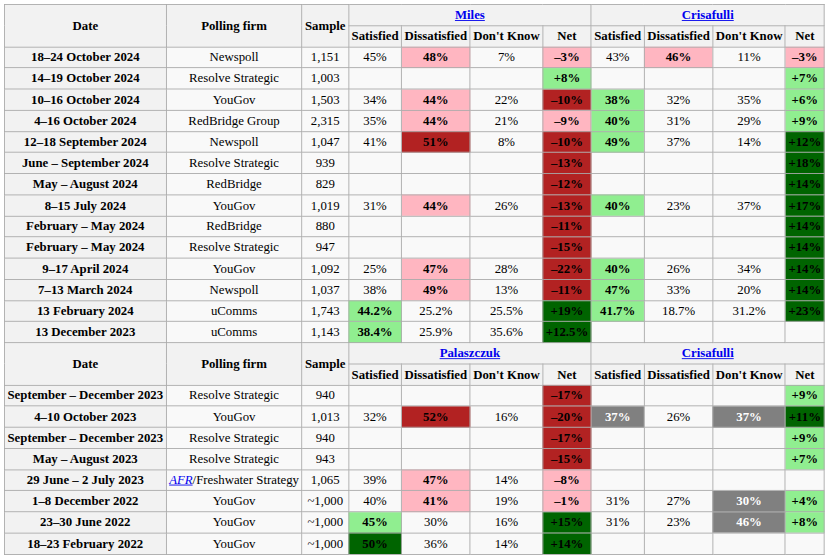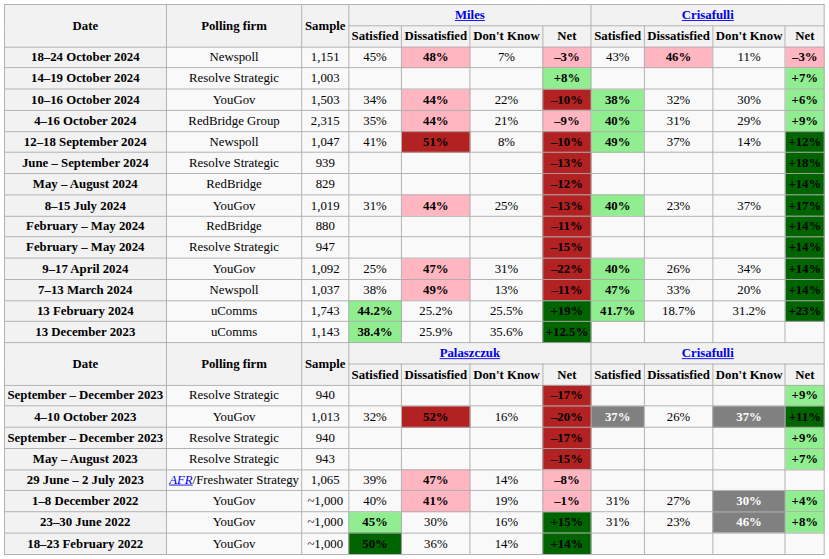 <table class="nowrap wikitable tpl-blanktable" style=text-align:center;font-size:90%>
 <tr>
 <th rowspan=2>Date</th>
 <th rowspan=2>Polling firm</th>
 <th rowspan=2 style=max-width:5em>Sample</th>
 <th colspan=4><a href='#'>Miles</a></th>
 <th colspan=4><a href='#'>Crisafulli</a></th>
 </tr>
 <tr>
 <th>Satisfied</th>
 <th>Dissatisfied</th>
 <th>Don't Know</th>
 <th>Net</th>
 <th>Satisfied</th>
 <th>Dissatisfied</th>
 <th>Don't Know</th>
 <th>Net</th>
 </tr>
 <tr>
 <th>18–24 October 2024</th>
 <td>Newspoll</td>
 <td>1,151</td>
 <td>45%</td>
 <th style="background:LightPink">48%</th>
 <td>7%</td>
 <th style="background:LightPink"><strong>–3%</strong></th>
 <td>43%</td>
 <th style="background:LightPink">46%</th>
 <td>11%</td>
 <th style="background:LightPink"><strong>–3%</strong></th>
 </tr>
 <tr>
 <th>14–19 October 2024</th>
 <td>Resolve Strategic</td>
 <td>1,003</td>
 <td></td>
 <td></td>
 <td></td>
 <td style="background:LightGreen"><strong>+8%</strong></td>
 <td></td>
 <td></td>
 <td></td>
 <td style="background:LightGreen"><strong>+7%</strong></td>
 </tr>
 <tr>
 <th>10–16 October 2024</th>
 <td>YouGov</td>
 <td>1,503</td>
 <td>34%</td>
 <td style=background:LightPink><strong>44%</strong></td>
 <td>22%</td>
 <th style="background:FireBrick"><strong>–10%</strong></th>
 <td style="background:LightGreen"><strong>38%</strong></td>
 <td>32%</td>
-<td>35%</td>
+<td>30%</td>
 <td style="background:LightGreen"><strong>+6%</strong></td>
 </tr>
 <tr>
 <th>4–16 October 2024</th>
 <td>RedBridge Group</td>
 <td>2,315</td>
 <td>35%</td>
 <th style="background:LightPink">44%</th>
 <td>21%</td>
 <th style="background:LightPink"><strong>–9%</strong></th>
 <td style="background:LightGreen"><strong>40%</strong></td>
 <td>31%</td>
 <td>29%</td>
 <td style="background:LightGreen"><strong>+9%</strong></td>
 </tr>
 <tr>
 <th>12–18 September 2024</th>
 <td>Newspoll</td>
 <td>1,047</td>
 <td>41%</td>
 <th style="background:FireBrick">51%</th>
 <td>8%</td>
 <th style="background:FireBrick"><strong>–10%</strong></th>
 <td style="background:LightGreen"><strong>49%</strong></td>
 <td>37%</td>
 <td>14%</td>
 <th style="background:DarkGreen"><strong>+12%</strong></th>
 </tr>
 <tr>
 <th>June – September 2024</th>
 <td>Resolve Strategic</td>
 <td>939</td>
 <td></td>
 <td></td>
 <td></td>
 <th style="background:FireBrick"><strong>–13%</strong></th>
 <td></td>
 <td></td>
 <td></td>
 <td style="background:DarkGreen"><strong>+18%</strong></td>
 </tr>
 <tr>
 <th>May – August 2024</th>
 <td>RedBridge</td>
 <td>829</td>
 <td></td>
 <td></td>
 <td></td>
 <th style="background:FireBrick"><strong>–12%</strong></th>
 <td></td>
 <td></td>
 <td></td>
 <td style="background:DarkGreen"><strong>+14%</strong></td>
 </tr>
 <tr>
 <th>8–15 July 2024</th>
 <td>YouGov</td>
 <td>1,019</td>
 <td>31%</td>
 <td style=background:LightPink><strong>44%</strong></td>
-<td>26%</td>
+<td>25%</td>
 <th style="background:FireBrick"><strong>–13%</strong></th>
 <td style="background:LightGreen"><strong>40%</strong></td>
 <td>23%</td>
 <td>37%</td>
 <td style="background:DarkGreen"><strong>+17%</strong></td>
 </tr>
 <tr>
 <th>February – May 2024</th>
 <td>RedBridge</td>
 <td>880</td>
 <td></td>
 <td></td>
 <td></td>
 <th style="background:FireBrick"><strong>–11%</strong></th>
 <td></td>
 <td></td>
 <td></td>
 <td style="background:DarkGreen"><strong>+14%</strong></td>
 </tr>
 <tr>
 <th>February – May 2024</th>
 <td>Resolve Strategic</td>
 <td>947</td>
 <td></td>
 <td></td>
 <td></td>
 <th style="background:FireBrick"><strong>–15%</strong></th>
 <td></td>
 <td></td>
 <td></td>
 <td style="background:DarkGreen"><strong>+14%</strong></td>
 </tr>
 <tr>
 <th>9–17 April 2024</th>
 <td>YouGov</td>
 <td>1,092</td>
 <td>25%</td>
 <td style=background:LightPink><strong>47%</strong></td>
-<td>28%</td>
+<td>31%</td>
 <th style="background:FireBrick"><strong>–22%</strong></th>
 <td style="background:LightGreen"><strong>40%</strong></td>
 <td>26%</td>
 <td>34%</td>
 <td style="background:DarkGreen"><strong>+14%</strong></td>
 </tr>
 <tr>
 <th>7–13 March 2024</th>
 <td>Newspoll</td>
 <td>1,037</td>
 <td>38%</td>
 <th style="background:LightPink">49%</th>
 <td>13%</td>
 <th style="background:FireBrick"><strong>–11%</strong></th>
 <td style="background:LightGreen"><strong>47%</strong></td>
 <td>33%</td>
 <td>20%</td>
 <th style="background:DarkGreen"><strong>+14%</strong></th>
 </tr>
 <tr>
 <th>13 February 2024</th>
 <td>uComms</td>
 <td>1,743</td>
 <th style="background:LightGreen">44.2%</th>
 <td>25.2%</td>
 <td>25.5%</td>
 <th style="background:DarkGreen"><strong>+19%</strong></th>
 <td style="background:LightGreen"><strong>41.7%</strong></td>
 <td>18.7%</td>
 <td>31.2%</td>
 <th style="background:DarkGreen"><strong>+23%</strong></th>
 </tr>
 <tr>
 <th>13 December 2023</th>
 <td>uComms</td>
 <td>1,143</td>
 <th style="background:LightGreen">38.4%</th>
 <td>25.9%</td>
 <td>35.6%</td>
 <th style="background:DarkGreen"><strong>+12.5%</strong></th>
 <td></td>
 <td></td>
 <td></td>
 <td></td>
 </tr>
 <tr>
 <th rowspan=2>Date</th>
 <th rowspan=2>Polling firm</th>
 <th rowspan=2 style=max-width:5em>Sample</th>
 <th colspan=4><a href='#'>Palaszczuk</a></th>
 <th colspan=4><a href='#'>Crisafulli</a></th>
 </tr>
 <tr>
 <th>Satisfied</th>
 <th>Dissatisfied</th>
 <th>Don't Know</th>
 <th>Net</th>
 <th>Satisfied</th>
 <th>Dissatisfied</th>
 <th>Don't Know</th>
 <th>Net</th>
 </tr>
 <tr>
 <th>September – December 2023</th>
 <td>Resolve Strategic</td>
 <td>940</td>
 <td></td>
 <td></td>
 <td></td>
 <th style="background:FireBrick"><strong>–17%</strong></th>
 <td></td>
 <td></td>
 <td></td>
 <td style="background:LightGreen"><strong>+9%</strong></td>
 </tr>
 <tr>
 <th>4–10 October 2023</th>
 <td>YouGov</td>
 <td>1,013</td>
 <td>32%</td>
 <td style=background:FireBrick><strong>52%</strong></td>
 <td>16%</td>
 <th style="background:FireBrick"><strong>–20%</strong></th>
 <th style="background:grey;color:white;">37%</th>
 <td>26%</td>
 <th style="background:grey;color:white;">37%</th>
 <td style="background:DarkGreen"><strong>+11%</strong></td>
 </tr>
 <tr>
 <th>September – December 2023</th>
 <td>Resolve Strategic</td>
 <td>940</td>
 <td></td>
 <td></td>
 <td></td>
 <th style="background:FireBrick"><strong>–17%</strong></th>
 <td></td>
 <td></td>
 <td></td>
 <td style="background:LightGreen"><strong>+9%</strong></td>
 </tr>
 <tr>
 <th>May – August 2023</th>
 <td>Resolve Strategic</td>
 <td>943</td>
 <td></td>
 <td></td>
 <td></td>
 <th style="background:FireBrick"><strong>–15%</strong></th>
 <td></td>
 <td></td>
 <td></td>
 <td style="background:LightGreen"><strong>+7%</strong></td>
 </tr>
 <tr>
 <th>29 June – 2 July 2023</th>
 <td><em><a href='#'>AFR</a></em>/Freshwater Strategy</td>
 <td>1,065</td>
 <td>39%</td>
 <td style=background:LightPink><strong>47%</strong></td>
 <td>14%</td>
 <th style="background:LightPink"><strong>–8%</strong></th>
 <td></td>
 <td></td>
 <td></td>
 <td></td>
 </tr>
 <tr>
 <th style=text-align:center>1–8 December 2022</th>
 <td style="text-align:center">YouGov</td>
 <td>~1,000</td>
 <td>40%</td>
 <td style=background:LightPink><strong>41%</strong></td>
 <td>19%</td>
 <th style="background:LightPink"><strong>–1%</strong></th>
 <td>31%</td>
 <td>27%</td>
 <th style="background:grey;color:white;">30%</th>
 <td style="background:LightGreen"><strong>+4%</strong></td>
 </tr>
 <tr>
 <th style=text-align:center>23–30 June 2022</th>
 <td style="text-align:center">YouGov</td>
 <td>~1,000</td>
 <td style=background:LightGreen><strong>45%</strong></td>
 <td>30%</td>
 <td>16%</td>
 <th style="background:DarkGreen"><strong>+15%</strong></th>
 <td>31%</td>
 <td>23%</td>
 <th style="background:grey;color:white;"><strong>46%</strong></th>
 <td style="background:LightGreen"><strong>+8%</strong></td>
 </tr>
 <tr>
 <th style=text-align:center>18–23 February 2022</th>
 <td style="text-align:center">YouGov</td>
 <td>~1,000</td>
 <td style=background:DarkGreen><strong>50%</strong></td>
 <td>36%</td>
 <td>14%</td>
 <th style="background:DarkGreen"><strong>+14%</strong></th>
 <td></td>
 <td></td>
 <td></td>
 <td></td>
 </tr>
 </table>
